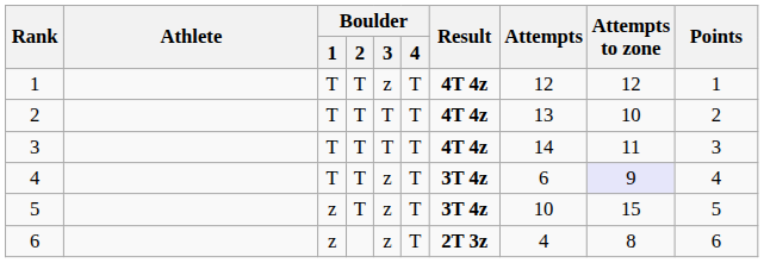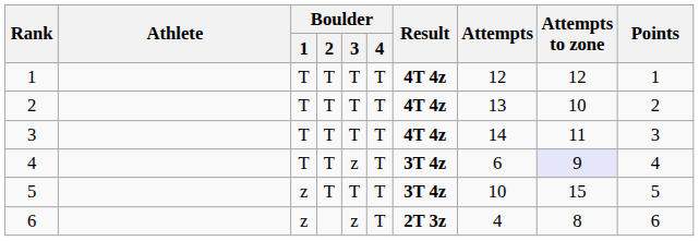 <table class="wikitable" style="text-align:center">
 <tr>
 <th rowspan=2 width=40>Rank</th>
 <th rowspan=2 width=200>Athlete</th>
 <th colspan=4>Boulder</th>
 <th rowspan=2 width=50>Result</th>
 <th rowspan=2 width=50>Attempts</th>
 <th rowspan=2 width=50>Attempts to zone</th>
 <th rowspan=2 width=60>Points</th>
 </tr>
 <tr>
 <th width=15>1</th>
 <th width=15>2</th>
 <th width=15>3</th>
 <th width=15>4</th>
 </tr>
 <tr>
 <td>1</td>
 <td align=left></td>
 <td>T</td>
 <td>T</td>
-<td>z</td>
+<td>T</td>
 <td>T</td>
 <td><strong>4T 4z</strong></td>
 <td>12</td>
 <td>12</td>
 <td>1</td>
 </tr>
 <tr>
 <td>2</td>
 <td align=left></td>
 <td>T</td>
 <td>T</td>
 <td>T</td>
 <td>T</td>
 <td><strong>4T 4z</strong></td>
 <td>13</td>
 <td>10</td>
 <td>2</td>
 </tr>
 <tr>
 <td>3</td>
 <td align=left></td>
 <td>T</td>
 <td>T</td>
 <td>T</td>
 <td>T</td>
 <td><strong>4T 4z</strong></td>
 <td>14</td>
 <td>11</td>
 <td>3</td>
 </tr>
 <tr>
 <td>4</td>
 <td align=left></td>
 <td>T</td>
 <td>T</td>
 <td>z</td>
 <td>T</td>
 <td><strong>3T 4z</strong></td>
 <td>6</td>
 <td style="background: lavender;">9</td>
 <td>4</td>
 </tr>
 <tr>
 <td>5</td>
 <td align=left></td>
 <td>z</td>
 <td>T</td>
-<td>z</td>
+<td>T</td>
 <td>T</td>
 <td><strong>3T 4z</strong></td>
 <td>10</td>
 <td>15</td>
 <td>5</td>
 </tr>
 <tr>
 <td>6</td>
 <td align=left></td>
 <td>z</td>
 <td></td>
 <td>z</td>
 <td>T</td>
 <td><strong>2T 3z</strong></td>
 <td>4</td>
 <td>8</td>
 <td>6</td>
 </tr>
 </table>
